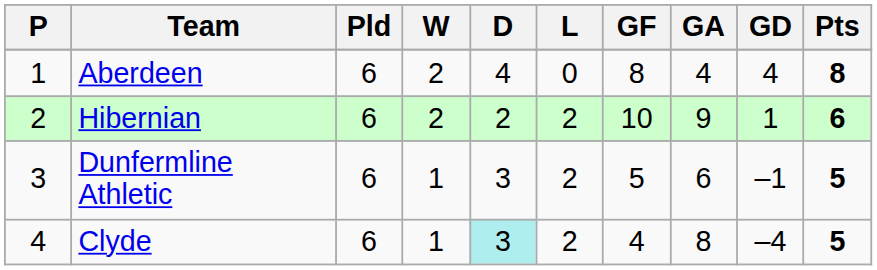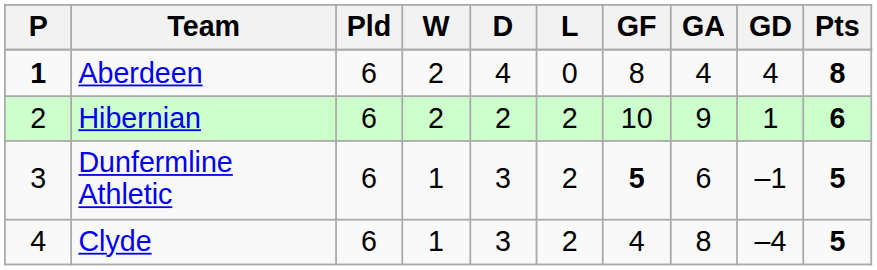 <table class="wikitable" style="text-align: center;">
 <tr>
 <th width=30>P</th>
 <th width=140>Team</th>
 <th width=30>Pld</th>
 <th width=30>W</th>
 <th width=30>D</th>
 <th width=30>L</th>
 <th width=30>GF</th>
 <th width=30>GA</th>
 <th width=30>GD</th>
 <th width=30>Pts</th>
 </tr>
 <tr>
 </tr>
 <tr>
-<td>1</td>
+<td><strong>1</strong></td>
 <td align=left><a href='#'>Aberdeen</a></td>
 <td>6</td>
 <td>2</td>
 <td>4</td>
 <td>0</td>
 <td>8</td>
 <td>4</td>
 <td>4</td>
 <td><strong>8</strong></td>
 </tr>
 <tr style="background:#ccffcc;">
 <td>2</td>
 <td align=left><a href='#'>Hibernian</a></td>
 <td>6</td>
 <td>2</td>
 <td>2</td>
 <td>2</td>
 <td>10</td>
 <td>9</td>
 <td>1</td>
 <td><strong>6</strong></td>
 </tr>
 <tr>
 <td>3</td>
 <td align=left><a href='#'>Dunfermline Athletic</a></td>
 <td>6</td>
 <td>1</td>
 <td>3</td>
 <td>2</td>
-<td>5</td>
+<td><strong>5</strong></td>
 <td>6</td>
 <td>–1</td>
 <td><strong>5</strong></td>
 </tr>
 <tr>
 <td>4</td>
 <td align=left><a href='#'>Clyde</a></td>
 <td>6</td>
 <td>1</td>
-<td style="background: paleturquoise;">3</td>
+<td>3</td>
 <td>2</td>
 <td>4</td>
 <td>8</td>
 <td>–4</td>
 <td><strong>5</strong></td>
 </tr>
 </table>
